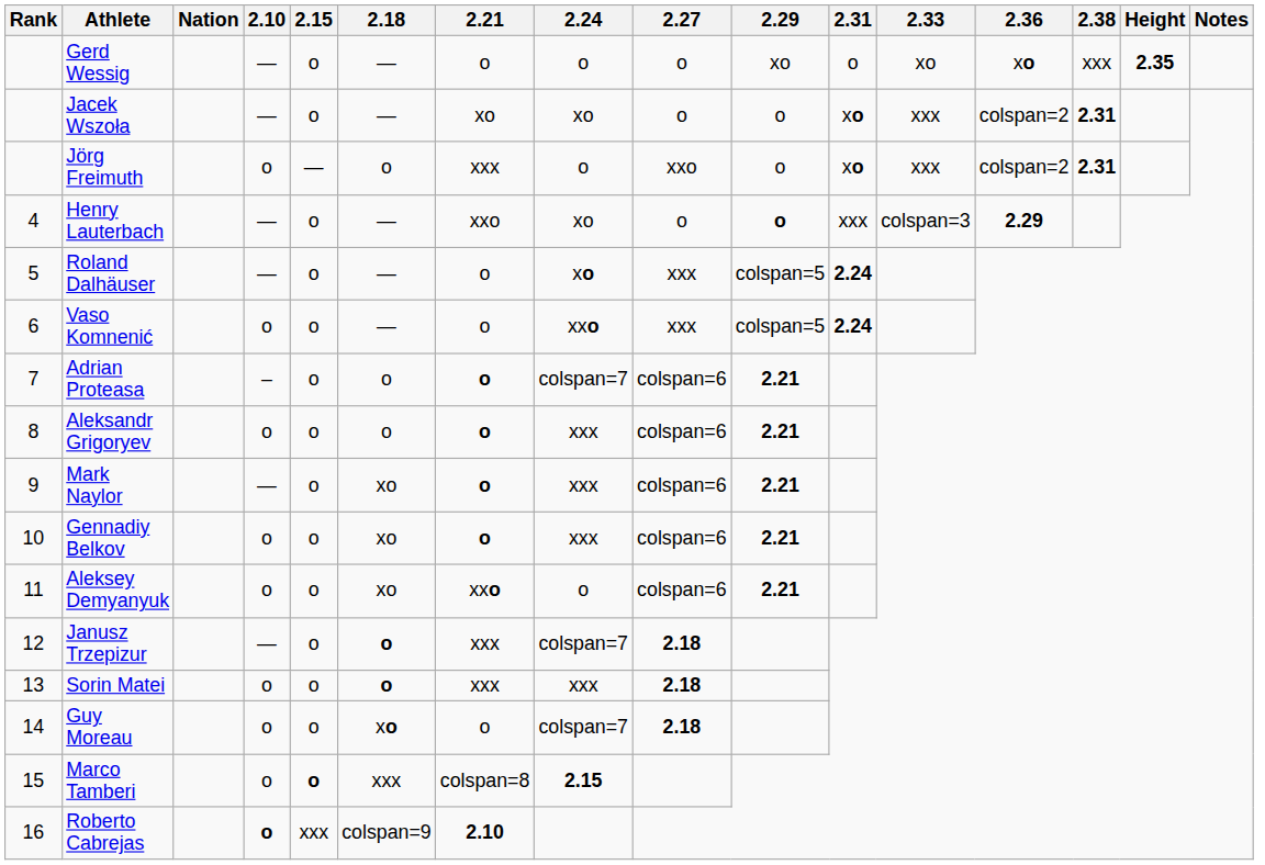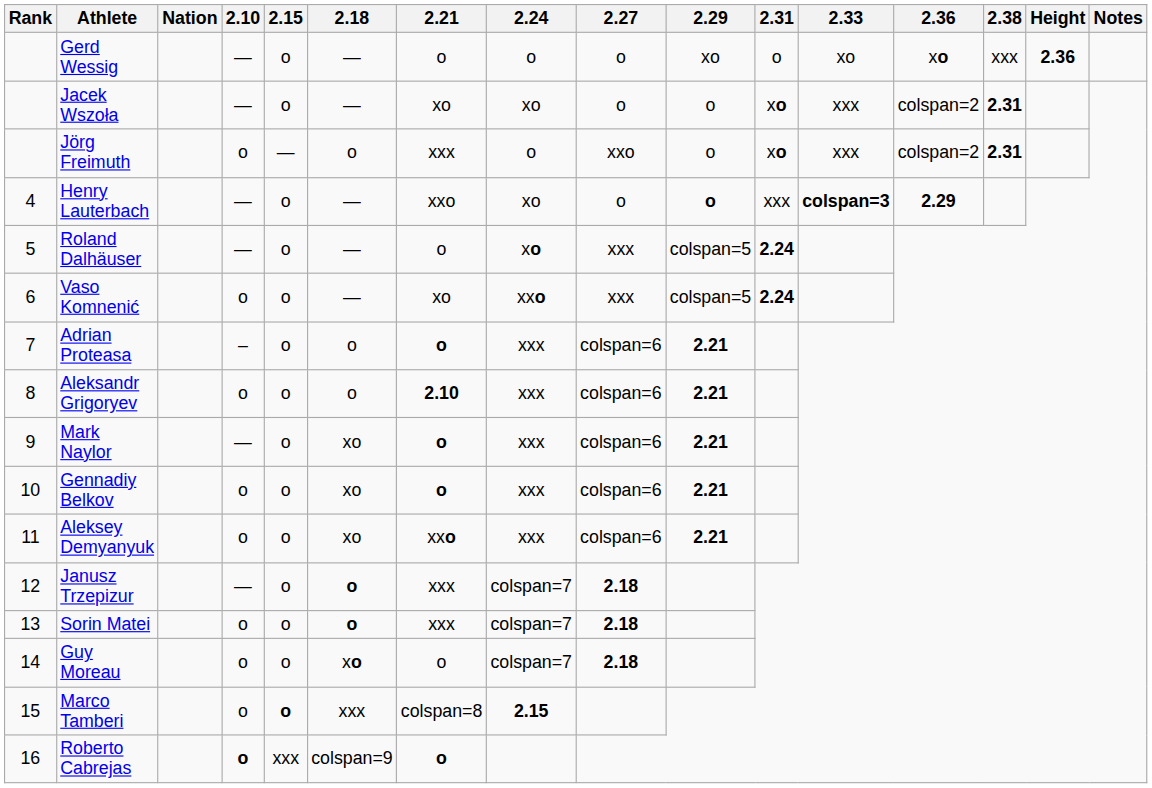 <table class="wikitable sortable" style="text-align:center">
 <tr>
 <th>Rank</th>
 <th>Athlete</th>
 <th>Nation</th>
 <th>2.10</th>
 <th>2.15</th>
 <th>2.18</th>
 <th>2.21</th>
 <th>2.24</th>
 <th>2.27</th>
 <th>2.29</th>
 <th>2.31</th>
 <th>2.33</th>
 <th>2.36</th>
 <th>2.38</th>
 <th>Height</th>
 <th>Notes</th>
 </tr>
 <tr>
 <td></td>
 <td align="left"><a href='#'>Gerd Wessig</a></td>
 <td align=left></td>
 <td>—</td>
 <td>o</td>
 <td>—</td>
 <td>o</td>
 <td>o</td>
 <td>o</td>
 <td>xo</td>
 <td>o</td>
 <td>xo</td>
 <td>x<strong>o</strong></td>
 <td>xxx</td>
-<td><strong>2.35</strong></td>
+<td><strong>2.36</strong></td>
 <td></td>
 </tr>
 <tr>
 <td></td>
 <td align="left"><a href='#'>Jacek Wszoła</a></td>
 <td align=left></td>
 <td>—</td>
 <td>o</td>
 <td>—</td>
 <td>xo</td>
 <td>xo</td>
 <td>o</td>
 <td>o</td>
 <td>x<strong>o</strong></td>
 <td>xxx</td>
 <td>colspan=2 </td>
 <td><strong>2.31</strong></td>
 <td></td>
 </tr>
 <tr>
 <td></td>
 <td align="left"><a href='#'>Jörg Freimuth</a></td>
 <td align=left></td>
 <td>o</td>
 <td>—</td>
 <td>o</td>
 <td>xxx</td>
 <td>o</td>
 <td>xxo</td>
 <td>o</td>
 <td>x<strong>o</strong></td>
 <td>xxx</td>
 <td>colspan=2 </td>
 <td><strong>2.31</strong></td>
 <td></td>
 </tr>
 <tr>
 <td>4</td>
 <td align="left"><a href='#'>Henry Lauterbach</a></td>
 <td align=left></td>
 <td>—</td>
 <td>o</td>
 <td>—</td>
 <td>xxo</td>
 <td>xo</td>
 <td>o</td>
 <td><strong>o</strong></td>
 <td>xxx</td>
-<td>colspan=3 </td>
+<td><strong>colspan=3 </strong></td>
 <td><strong>2.29</strong></td>
 <td></td>
 </tr>
 <tr>
 <td>5</td>
 <td align="left"><a href='#'>Roland Dalhäuser</a></td>
 <td align=left></td>
 <td>—</td>
 <td>o</td>
 <td>—</td>
 <td>o</td>
 <td>x<strong>o</strong></td>
 <td>xxx</td>
 <td>colspan=5 </td>
 <td><strong>2.24</strong></td>
 <td></td>
 </tr>
 <tr>
 <td>6</td>
 <td align="left"><a href='#'>Vaso Komnenić</a></td>
 <td align=left></td>
 <td>o</td>
 <td>o</td>
 <td>—</td>
-<td>o</td>
+<td>xo</td>
 <td>xx<strong>o</strong></td>
 <td>xxx</td>
 <td>colspan=5 </td>
 <td><strong>2.24</strong></td>
 <td></td>
 </tr>
 <tr>
 <td>7</td>
 <td align="left"><a href='#'>Adrian Proteasa</a></td>
 <td align=left></td>
 <td>–</td>
 <td>o</td>
 <td>o</td>
 <td><strong>o</strong></td>
-<td>colspan=7 </td>
+<td>xxx</td>
 <td>colspan=6 </td>
 <td><strong>2.21</strong></td>
 <td></td>
 </tr>
 <tr>
 <td>8</td>
 <td align="left"><a href='#'>Aleksandr Grigoryev</a></td>
 <td align=left></td>
 <td>o</td>
 <td>o</td>
 <td>o</td>
-<td><strong>o</strong></td>
+<td><strong>2.10</strong></td>
 <td>xxx</td>
 <td>colspan=6 </td>
 <td><strong>2.21</strong></td>
 <td></td>
 </tr>
 <tr>
 <td>9</td>
 <td align="left"><a href='#'>Mark Naylor</a></td>
 <td align=left></td>
 <td>—</td>
 <td>o</td>
 <td>xo</td>
 <td><strong>o</strong></td>
 <td>xxx</td>
 <td>colspan=6 </td>
 <td><strong>2.21</strong></td>
 <td></td>
 </tr>
 <tr>
 <td>10</td>
 <td align="left"><a href='#'>Gennadiy Belkov</a></td>
 <td align=left></td>
 <td>o</td>
 <td>o</td>
 <td>xo</td>
 <td><strong>o</strong></td>
 <td>xxx</td>
 <td>colspan=6 </td>
 <td><strong>2.21</strong></td>
 <td></td>
 </tr>
 <tr>
 <td>11</td>
 <td align="left"><a href='#'>Aleksey Demyanyuk</a></td>
 <td align=left></td>
 <td>o</td>
 <td>o</td>
 <td>xo</td>
 <td>xx<strong>o</strong></td>
-<td>o</td>
+<td>xxx</td>
 <td>colspan=6 </td>
 <td><strong>2.21</strong></td>
 <td></td>
 </tr>
 <tr>
 <td>12</td>
 <td align="left"><a href='#'>Janusz Trzepizur</a></td>
 <td align=left></td>
 <td>—</td>
 <td>o</td>
 <td><strong>o</strong></td>
 <td>xxx</td>
 <td>colspan=7 </td>
 <td><strong>2.18</strong></td>
 <td></td>
 </tr>
 <tr>
 <td>13</td>
 <td align="left"><a href='#'>Sorin Matei</a></td>
 <td align=left></td>
 <td>o</td>
 <td>o</td>
 <td><strong>o</strong></td>
 <td>xxx</td>
-<td>xxx</td>
+<td>colspan=7 </td>
 <td><strong>2.18</strong></td>
 <td></td>
 </tr>
 <tr>
 <td>14</td>
 <td align="left"><a href='#'>Guy Moreau</a></td>
 <td align=left></td>
 <td>o</td>
 <td>o</td>
 <td>x<strong>o</strong></td>
 <td>o</td>
 <td>colspan=7 </td>
 <td><strong>2.18</strong></td>
 <td></td>
 </tr>
 <tr>
 <td>15</td>
 <td align="left"><a href='#'>Marco Tamberi</a></td>
 <td align=left></td>
 <td>o</td>
 <td><strong>o</strong></td>
 <td>xxx</td>
 <td>colspan=8 </td>
 <td><strong>2.15</strong></td>
 <td></td>
 </tr>
 <tr>
 <td>16</td>
 <td align="left"><a href='#'>Roberto Cabrejas</a></td>
 <td align=left></td>
 <td><strong>o</strong></td>
 <td>xxx</td>
 <td>colspan=9 </td>
-<td><strong>2.10</strong></td>
+<td><strong>o</strong></td>
 <td></td>
 </tr>
 </table>
